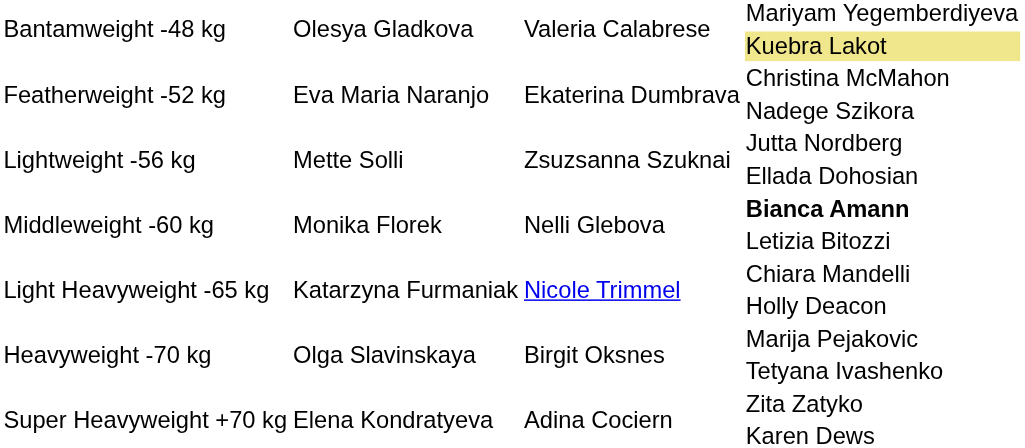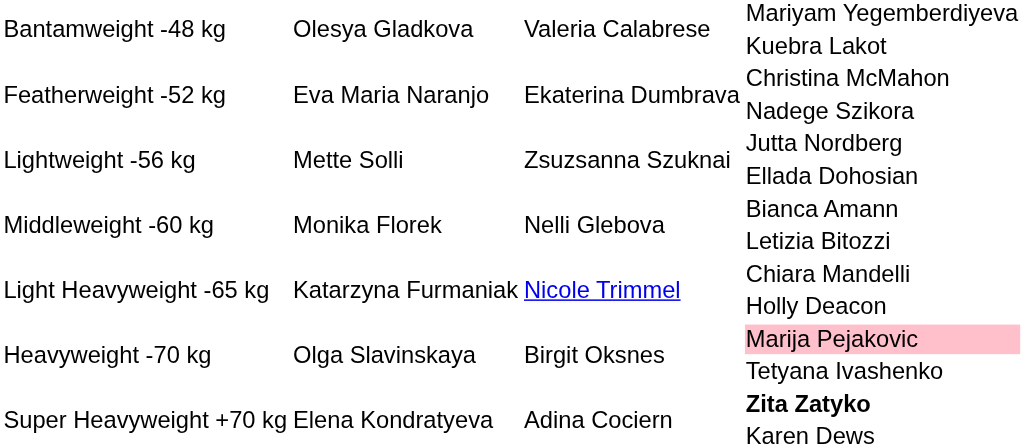 <table>
 <tr>
 <td rowspan=2>Bantamweight -48 kg<br></td>
 <td rowspan=2>Olesya Gladkova </td>
 <td rowspan=2>Valeria Calabrese </td>
 <td>Mariyam Yegemberdiyeva </td>
 </tr>
 <tr>
-<td style="background: khaki;">Kuebra Lakot </td>
+<td>Kuebra Lakot </td>
 </tr>
 <tr>
 <td rowspan=2>Featherweight -52 kg<br></td>
 <td rowspan=2>Eva Maria Naranjo </td>
 <td rowspan=2>Ekaterina Dumbrava </td>
 <td>Christina McMahon </td>
 </tr>
 <tr>
 <td>Nadege Szikora </td>
 </tr>
 <tr>
 <td rowspan=2>Lightweight -56 kg<br></td>
 <td rowspan=2>Mette Solli </td>
 <td rowspan=2>Zsuzsanna Szuknai </td>
 <td>Jutta Nordberg </td>
 </tr>
 <tr>
 <td>Ellada Dohosian </td>
 </tr>
 <tr>
 <td rowspan=2>Middleweight -60 kg<br></td>
 <td rowspan=2>Monika Florek </td>
 <td rowspan=2>Nelli Glebova </td>
-<td><strong>Bianca Amann </strong></td>
+<td>Bianca Amann </td>
 </tr>
 <tr>
 <td>Letizia Bitozzi </td>
 </tr>
 <tr>
 <td rowspan=2>Light Heavyweight -65 kg<br></td>
 <td rowspan=2>Katarzyna Furmaniak </td>
 <td rowspan=2><a href='#'>Nicole Trimmel</a> </td>
 <td>Chiara Mandelli </td>
 </tr>
 <tr>
 <td>Holly Deacon </td>
 </tr>
 <tr>
 <td rowspan=2>Heavyweight -70 kg<br></td>
 <td rowspan=2>Olga Slavinskaya </td>
 <td rowspan=2>Birgit Oksnes </td>
-<td>Marija Pejakovic </td>
+<td style="background: pink;">Marija Pejakovic </td>
 </tr>
 <tr>
 <td>Tetyana Ivashenko </td>
 </tr>
 <tr>
 <td rowspan=2>Super Heavyweight +70 kg<br></td>
 <td rowspan=2>Elena Kondratyeva </td>
 <td rowspan=2>Adina Cociern </td>
-<td>Zita Zatyko </td>
+<td><strong>Zita Zatyko </strong></td>
 </tr>
 <tr>
 <td>Karen Dews </td>
 </tr>
 <tr>
 </tr>
 </table>
